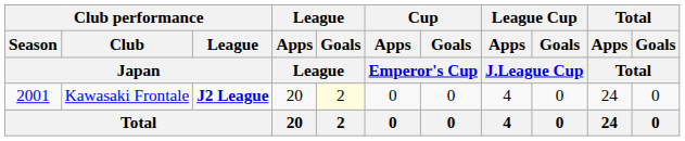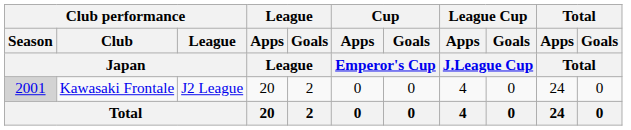 <table class="wikitable" style="text-align:center;">
 <tr>
 <th colspan=3>Club performance</th>
 <th colspan=2>League</th>
 <th colspan=2>Cup</th>
 <th colspan=2>League Cup</th>
 <th colspan=2>Total</th>
 </tr>
 <tr>
 <th>Season</th>
 <th>Club</th>
 <th>League</th>
 <th>Apps</th>
 <th>Goals</th>
 <th>Apps</th>
 <th>Goals</th>
 <th>Apps</th>
 <th>Goals</th>
 <th>Apps</th>
 <th>Goals</th>
 </tr>
 <tr>
 <th colspan=3>Japan</th>
 <th colspan=2>League</th>
 <th colspan=2><a href='#'>Emperor's Cup</a></th>
 <th colspan=2><a href='#'>J.League Cup</a></th>
 <th colspan=2>Total</th>
 </tr>
 <tr>
-<td><a href='#'>2001</a></td>
+<td style="background: lightgrey;"><a href='#'>2001</a></td>
 <td><a href='#'>Kawasaki Frontale</a></td>
-<td><strong><a href='#'>J2 League</a></strong></td>
+<td><a href='#'>J2 League</a></td>
 <td>20</td>
-<td style="background: lightyellow;">2</td>
+<td>2</td>
 <td>0</td>
 <td>0</td>
 <td>4</td>
 <td>0</td>
 <td>24</td>
 <td>0</td>
 </tr>
 <tr>
 <th colspan=3>Total</th>
 <th>20</th>
 <th>2</th>
 <th>0</th>
 <th>0</th>
 <th>4</th>
 <th>0</th>
 <th>24</th>
 <th>0</th>
 </tr>
 </table>
